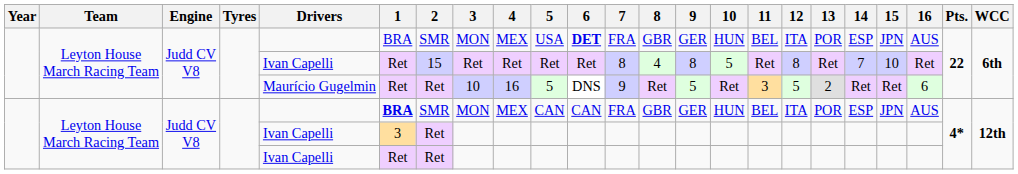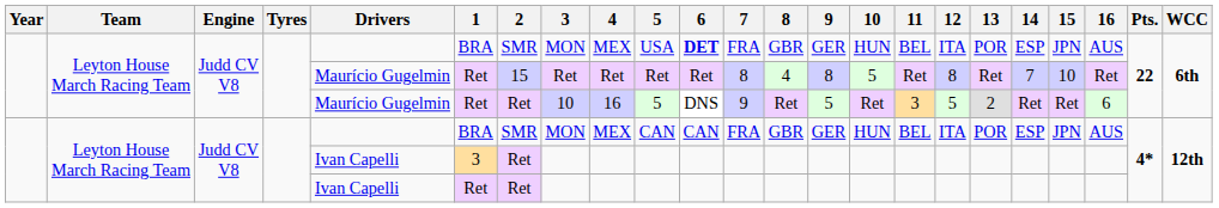 <table class="wikitable" style="text-align:center; font-size:95%">
 <tr>
 <th>Year</th>
 <th>Team</th>
 <th>Engine</th>
 <th>Tyres</th>
 <th>Drivers</th>
 <th>1</th>
 <th>2</th>
 <th>3</th>
 <th>4</th>
 <th>5</th>
 <th>6</th>
 <th>7</th>
 <th>8</th>
 <th>9</th>
 <th>10</th>
 <th>11</th>
 <th>12</th>
 <th>13</th>
 <th>14</th>
 <th>15</th>
 <th>16</th>
 <th>Pts.</th>
 <th>WCC</th>
 </tr>
 <tr>
 <td rowspan="3"></td>
 <td rowspan="3"><a href='#'>Leyton House</a><br><a href='#'>March Racing Team</a></td>
 <td rowspan="3"><a href='#'>Judd CV</a><br><a href='#'>V8</a></td>
 <td rowspan="3"></td>
 <td></td>
 <td><a href='#'>BRA</a></td>
 <td><a href='#'>SMR</a></td>
 <td><a href='#'>MON</a></td>
 <td><a href='#'>MEX</a></td>
 <td><a href='#'>USA</a></td>
 <td><strong><a href='#'>DET</a></strong></td>
 <td><a href='#'>FRA</a></td>
 <td><a href='#'>GBR</a></td>
 <td><a href='#'>GER</a></td>
 <td><a href='#'>HUN</a></td>
 <td><a href='#'>BEL</a></td>
 <td><a href='#'>ITA</a></td>
 <td><a href='#'>POR</a></td>
 <td><a href='#'>ESP</a></td>
 <td><a href='#'>JPN</a></td>
 <td><a href='#'>AUS</a></td>
 <td rowspan="3"><strong>22</strong></td>
 <td rowspan="3"><strong>6th</strong></td>
 </tr>
 <tr>
-<td align="left"><a href='#'>Ivan Capelli</a></td>
+<td align="left"><a href='#'>Maurício Gugelmin</a></td>
 <td style="background:#efcfff;">Ret</td>
 <td style="background:#cfcfff;">15</td>
 <td style="background:#efcfff;">Ret</td>
 <td style="background:#efcfff;">Ret</td>
 <td style="background:#efcfff;">Ret</td>
 <td style="background:#efcfff;">Ret</td>
 <td style="background:#cfcfff;">8</td>
 <td style="background:#dfffdf;">4</td>
 <td style="background:#cfcfff;">8</td>
 <td style="background:#dfffdf;">5</td>
 <td style="background:#efcfff;">Ret</td>
 <td style="background:#cfcfff;">8</td>
 <td style="background:#efcfff;">Ret</td>
 <td style="background:#cfcfff;">7</td>
 <td style="background:#cfcfff;">10</td>
 <td style="background:#efcfff;">Ret</td>
 </tr>
 <tr>
 <td align="left"><a href='#'>Maurício Gugelmin</a></td>
 <td style="background:#efcfff;">Ret</td>
 <td style="background:#efcfff;">Ret</td>
 <td style="background:#cfcfff;">10</td>
 <td style="background:#cfcfff;">16</td>
 <td style="background:#dfffdf;">5</td>
 <td style="background:#ffffff;">DNS</td>
 <td style="background:#cfcfff;">9</td>
 <td style="background:#efcfff;">Ret</td>
 <td style="background:#dfffdf;">5</td>
 <td style="background:#efcfff;">Ret</td>
 <td style="background:#ffdf9f;">3</td>
 <td style="background:#dfffdf;">5</td>
 <td style="background:#dfdfdf;">2</td>
 <td style="background:#efcfff;">Ret</td>
 <td style="background:#efcfff;">Ret</td>
 <td style="background:#dfffdf;">6</td>
 </tr>
 <tr>
 <td rowspan="3"></td>
 <td rowspan="3"><a href='#'>Leyton House</a><br><a href='#'>March Racing Team</a></td>
 <td rowspan="3"><a href='#'>Judd CV</a><br><a href='#'>V8</a></td>
 <td rowspan="3"></td>
 <td></td>
-<td><strong><a href='#'>BRA</a></strong></td>
+<td><a href='#'>BRA</a></td>
 <td><a href='#'>SMR</a></td>
 <td><a href='#'>MON</a></td>
 <td><a href='#'>MEX</a></td>
 <td><a href='#'>CAN</a></td>
 <td><a href='#'>CAN</a></td>
 <td><a href='#'>FRA</a></td>
 <td><a href='#'>GBR</a></td>
 <td><a href='#'>GER</a></td>
 <td><a href='#'>HUN</a></td>
 <td><a href='#'>BEL</a></td>
 <td><a href='#'>ITA</a></td>
 <td><a href='#'>POR</a></td>
 <td><a href='#'>ESP</a></td>
 <td><a href='#'>JPN</a></td>
 <td><a href='#'>AUS</a></td>
 <td rowspan="3"><strong>4*</strong></td>
 <td rowspan="3"><strong>12th</strong></td>
 </tr>
 <tr>
 <td align="left"><a href='#'>Ivan Capelli</a></td>
 <td style="background:#ffdf9f;">3</td>
 <td style="background:#efcfff;">Ret</td>
 <td></td>
 <td></td>
 <td></td>
 <td></td>
 <td></td>
 <td></td>
 <td></td>
 <td></td>
 <td></td>
 <td></td>
 <td></td>
 <td></td>
 <td></td>
 <td></td>
 </tr>
 <tr>
 <td align="left"><a href='#'>Ivan Capelli</a></td>
 <td style="background:#efcfff;">Ret</td>
 <td style="background:#efcfff;">Ret</td>
 <td></td>
 <td></td>
 <td></td>
 <td></td>
 <td></td>
 <td></td>
 <td></td>
 <td></td>
 <td></td>
 <td></td>
 <td></td>
 <td></td>
 <td></td>
 <td></td>
 </tr>
 </table>
